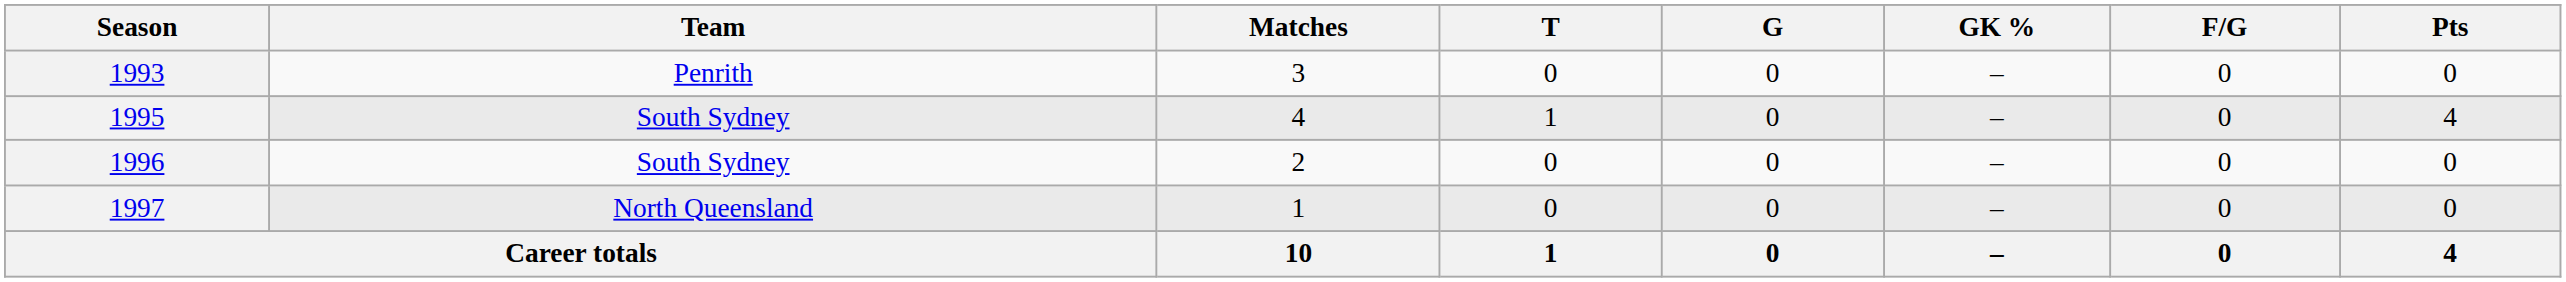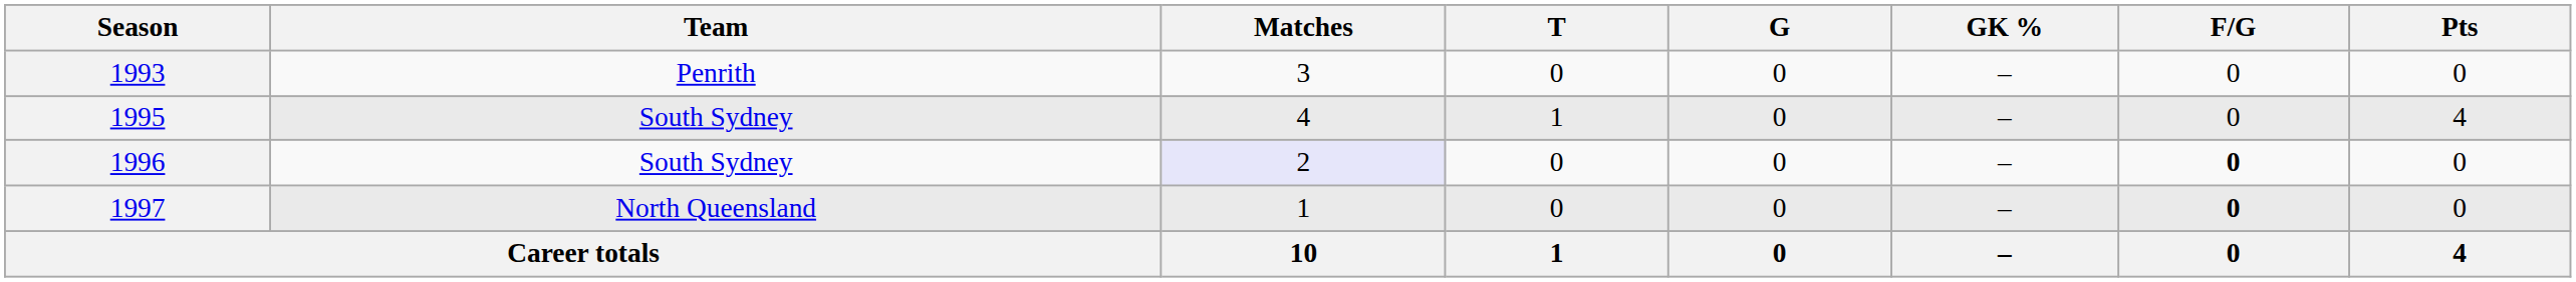 <table class="wikitable sortable"  style="font-size:90%; text-align:center; width:85%;">
 <tr>
 <th width=2%>Season</th>
 <th width=8%>Team</th>
 <th width=2%>Matches</th>
 <th width=2%>T</th>
 <th width=2%>G</th>
 <th width=2%>GK %</th>
 <th width=2%>F/G</th>
 <th width=2%>Pts</th>
 </tr>
 <tr>
 <th scope="row" style="text-align:center; font-weight:normal"><a href='#'>1993</a></th>
 <td style="text-align:center;"> <a href='#'>Penrith</a></td>
 <td>3</td>
 <td>0</td>
 <td>0</td>
 <td>–</td>
 <td>0</td>
 <td>0</td>
 </tr>
 <tr style="background:#eaeaea;">
 <th scope="row" style="text-align:center; font-weight:normal"><a href='#'>1995</a></th>
 <td style="text-align:center;"> <a href='#'>South Sydney</a></td>
 <td>4</td>
 <td>1</td>
 <td>0</td>
 <td>–</td>
 <td>0</td>
 <td>4</td>
 </tr>
 <tr>
 <th scope="row" style="text-align:center; font-weight:normal"><a href='#'>1996</a></th>
 <td style="text-align:center;"> <a href='#'>South Sydney</a></td>
-<td>2</td>
+<td style="background: lavender;">2</td>
 <td>0</td>
 <td>0</td>
 <td>–</td>
-<td>0</td>
+<td><strong>0</strong></td>
 <td>0</td>
 </tr>
 <tr style="background:#eaeaea;">
 <th scope="row" style="text-align:center; font-weight:normal"><a href='#'>1997</a></th>
 <td style="text-align:center;"> <a href='#'>North Queensland</a></td>
 <td>1</td>
 <td>0</td>
 <td>0</td>
 <td>–</td>
-<td>0</td>
+<td><strong>0</strong></td>
 <td>0</td>
 </tr>
 <tr class="sortbottom">
 <th colspan=2>Career totals</th>
 <th>10</th>
 <th>1</th>
 <th>0</th>
 <th>–</th>
 <th>0</th>
 <th>4</th>
 </tr>
 </table>
